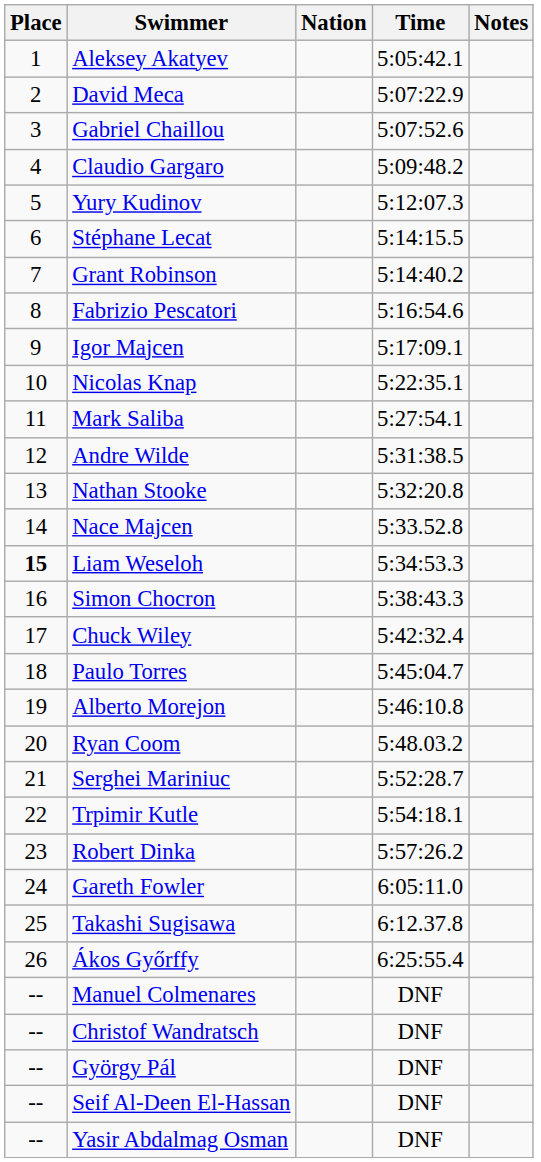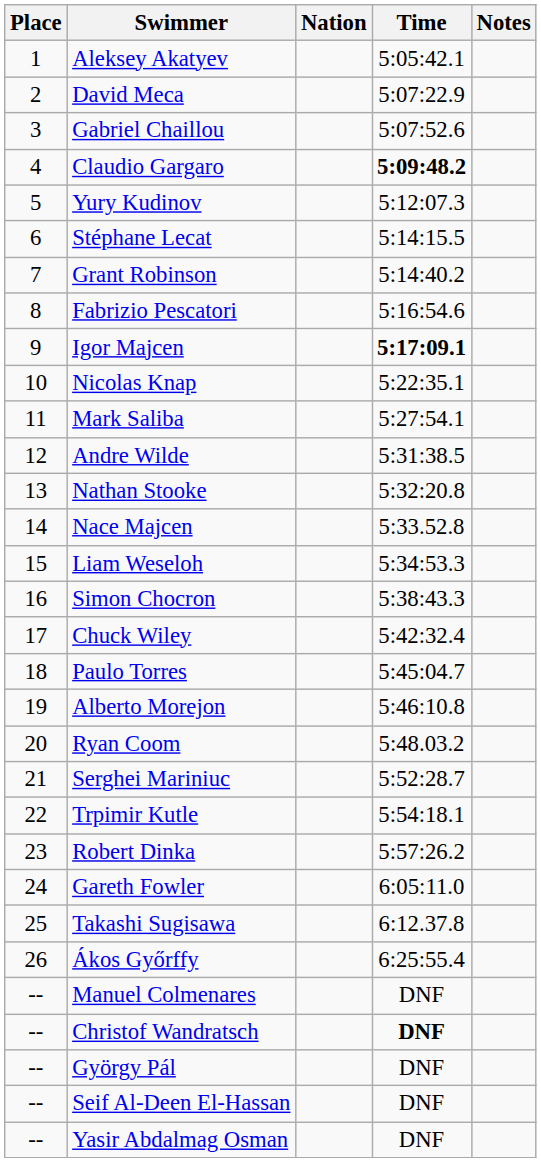 <table class="wikitable sortable" style="text-align:center">
 <tr>
 <th>Place</th>
 <th>Swimmer</th>
 <th>Nation</th>
 <th>Time</th>
 <th>Notes</th>
 </tr>
 <tr>
 <td>1</td>
 <td align=left><a href='#'>Aleksey Akatyev</a></td>
 <td align=left></td>
 <td>5:05:42.1</td>
 <td></td>
 </tr>
 <tr>
 <td>2</td>
 <td align=left><a href='#'>David Meca</a></td>
 <td align=left></td>
 <td>5:07:22.9</td>
 <td></td>
 </tr>
 <tr>
 <td>3</td>
 <td align=left><a href='#'>Gabriel Chaillou</a></td>
 <td align=left></td>
 <td>5:07:52.6</td>
 <td></td>
 </tr>
 <tr>
 <td>4</td>
 <td align=left><a href='#'>Claudio Gargaro</a></td>
 <td align=left></td>
-<td>5:09:48.2</td>
+<td><strong>5:09:48.2</strong></td>
 <td></td>
 </tr>
 <tr>
 <td>5</td>
 <td align=left><a href='#'>Yury Kudinov</a></td>
 <td align=left></td>
 <td>5:12:07.3</td>
 <td></td>
 </tr>
 <tr>
 <td>6</td>
 <td align=left><a href='#'>Stéphane Lecat</a></td>
 <td align=left></td>
 <td>5:14:15.5</td>
 <td></td>
 </tr>
 <tr>
 <td>7</td>
 <td align=left><a href='#'>Grant Robinson</a></td>
 <td align=left></td>
 <td>5:14:40.2</td>
 <td></td>
 </tr>
 <tr>
 <td>8</td>
 <td align=left><a href='#'>Fabrizio Pescatori</a></td>
 <td align=left></td>
 <td>5:16:54.6</td>
 <td></td>
 </tr>
 <tr>
 <td>9</td>
 <td align=left><a href='#'>Igor Majcen</a></td>
 <td align=left></td>
-<td>5:17:09.1</td>
+<td><strong>5:17:09.1</strong></td>
 <td></td>
 </tr>
 <tr>
 <td>10</td>
 <td align=left><a href='#'>Nicolas Knap</a></td>
 <td align=left></td>
 <td>5:22:35.1</td>
 <td></td>
 </tr>
 <tr>
 <td>11</td>
 <td align=left><a href='#'>Mark Saliba</a></td>
 <td align=left></td>
 <td>5:27:54.1</td>
 <td></td>
 </tr>
 <tr>
 <td>12</td>
 <td align=left><a href='#'>Andre Wilde</a></td>
 <td align=left></td>
 <td>5:31:38.5</td>
 <td></td>
 </tr>
 <tr>
 <td>13</td>
 <td align=left><a href='#'>Nathan Stooke</a></td>
 <td align=left></td>
 <td>5:32:20.8</td>
 <td></td>
 </tr>
 <tr>
 <td>14</td>
 <td align=left><a href='#'>Nace Majcen</a></td>
 <td align=left></td>
 <td>5:33.52.8</td>
 <td></td>
 </tr>
 <tr>
-<td><strong>15</strong></td>
+<td>15</td>
 <td align=left><a href='#'>Liam Weseloh</a></td>
 <td align=left></td>
 <td>5:34:53.3</td>
 <td></td>
 </tr>
 <tr>
 <td>16</td>
 <td align=left><a href='#'>Simon Chocron</a></td>
 <td align=left></td>
 <td>5:38:43.3</td>
 <td></td>
 </tr>
 <tr>
 <td>17</td>
 <td align=left><a href='#'>Chuck Wiley</a></td>
 <td align=left></td>
 <td>5:42:32.4</td>
 <td></td>
 </tr>
 <tr>
 <td>18</td>
 <td align=left><a href='#'>Paulo Torres</a></td>
 <td align=left></td>
 <td>5:45:04.7</td>
 <td></td>
 </tr>
 <tr>
 <td>19</td>
 <td align=left><a href='#'>Alberto Morejon</a></td>
 <td align=left></td>
 <td>5:46:10.8</td>
 <td></td>
 </tr>
 <tr>
 <td>20</td>
 <td align=left><a href='#'>Ryan Coom</a></td>
 <td align=left></td>
 <td>5:48.03.2</td>
 <td></td>
 </tr>
 <tr>
 <td>21</td>
 <td align=left><a href='#'>Serghei Mariniuc</a></td>
 <td align=left></td>
 <td>5:52:28.7</td>
 <td></td>
 </tr>
 <tr>
 <td>22</td>
 <td align=left><a href='#'>Trpimir Kutle</a></td>
 <td align=left></td>
 <td>5:54:18.1</td>
 <td></td>
 </tr>
 <tr>
 <td>23</td>
 <td align=left><a href='#'>Robert Dinka</a></td>
 <td align=left></td>
 <td>5:57:26.2</td>
 <td></td>
 </tr>
 <tr>
 <td>24</td>
 <td align=left><a href='#'>Gareth Fowler</a></td>
 <td align=left></td>
 <td>6:05:11.0</td>
 <td></td>
 </tr>
 <tr>
 <td>25</td>
 <td align=left><a href='#'>Takashi Sugisawa</a></td>
 <td align=left></td>
 <td>6:12.37.8</td>
 <td></td>
 </tr>
 <tr>
 <td>26</td>
 <td align=left><a href='#'>Ákos Győrffy</a></td>
 <td align=left></td>
 <td>6:25:55.4</td>
 <td></td>
 </tr>
 <tr>
 <td>--</td>
 <td align=left><a href='#'>Manuel Colmenares</a></td>
 <td align=left></td>
 <td>DNF</td>
 <td></td>
 </tr>
 <tr>
 <td>--</td>
 <td align=left><a href='#'>Christof Wandratsch</a></td>
 <td align=left></td>
-<td>DNF</td>
+<td><strong>DNF</strong></td>
 <td></td>
 </tr>
 <tr>
 <td>--</td>
 <td align=left><a href='#'>György Pál</a></td>
 <td align=left></td>
 <td>DNF</td>
 <td></td>
 </tr>
 <tr>
 <td>--</td>
 <td align=left><a href='#'>Seif Al-Deen El-Hassan</a></td>
 <td align=left></td>
 <td>DNF</td>
 <td></td>
 </tr>
 <tr>
 <td>--</td>
 <td align=left><a href='#'>Yasir Abdalmag Osman</a></td>
 <td align=left></td>
 <td>DNF</td>
 <td></td>
 </tr>
 <tr>
 </tr>
 </table>
